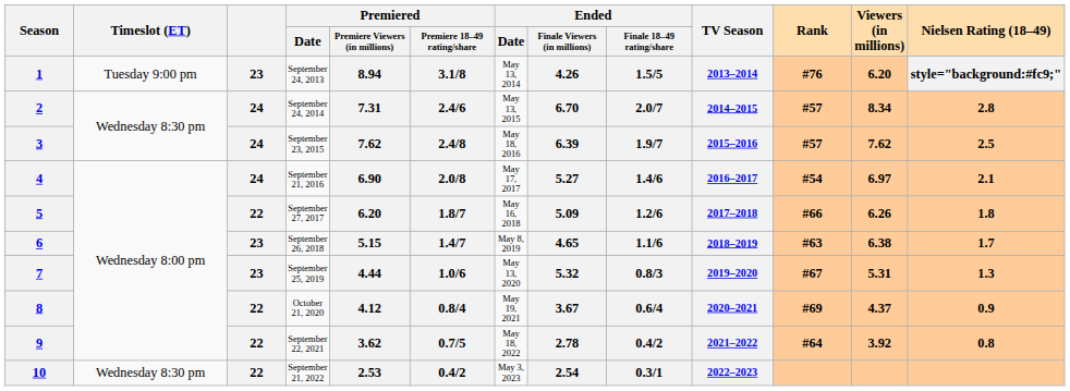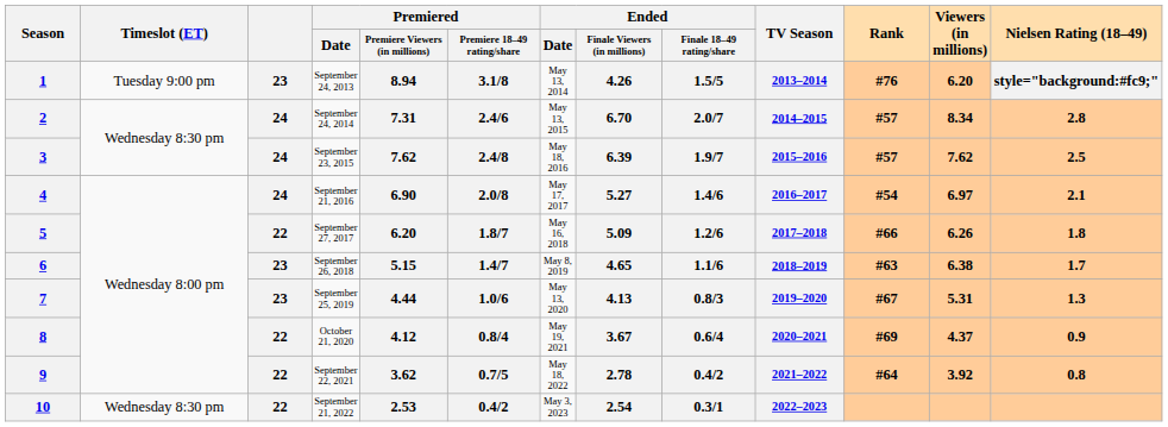 <table class="wikitable sortable" style="text-align:center; width:100%;">
 <tr>
 <th style="width:8%;" rowspan="2">Season</th>
 <th style="width:20%;" rowspan="2">Timeslot (<a href='#'>ET</a>)</th>
 <th style="width:8%;" rowspan="2"></th>
 <th colspan=3>Premiered</th>
 <th colspan=3>Ended</th>
 <th style="width:10%;" rowspan="2">TV Season</th>
 <th style="width:10%; background:#ffdead;" rowspan="2">Rank</th>
 <th style="width:10%; background:#ffdead;" rowspan="2">Viewers<br>(in millions)</th>
 <th style="width:10%; background:#ffdead;" rowspan="2">Nielsen Rating (18–49)</th>
 </tr>
 <tr>
 <th>Date</th>
 <th span style="width:10%; font-size:smaller; line-height:100%;"><small>Premiere Viewers<br>(in millions)</small></th>
 <th span style="width:10%; font-size:smaller; line-height:100%;"><small>Premiere 18–49<br>rating/share</small></th>
 <th>Date</th>
 <th span style="width:10%; font-size:smaller; line-height:100%;"><small>Finale Viewers<br>(in millions)</small></th>
 <th span style="width:10%; font-size:smaller; line-height:100%;"><small>Finale 18–49<br>rating/share</small></th>
 </tr>
 <tr>
 <th><a href='#'>1</a></th>
 <td>Tuesday 9:00 pm</td>
 <th>23</th>
 <td style="font-size:11px;line-height:110%">September 24, 2013</td>
 <th>8.94</th>
 <th>3.1/8</th>
 <td style="font-size:11px;line-height:110%">May 13, 2014</td>
 <th>4.26</th>
 <th>1.5/5</th>
 <th style="font-size:smaller"><a href='#'>2013–2014</a></th>
 <th style="background:#fc9;">#76</th>
 <th style="background:#fc9;">6.20</th>
 <th>style="background:#fc9;"</th>
 </tr>
 <tr>
 <th><a href='#'>2</a></th>
 <td rowspan="2">Wednesday 8:30 pm</td>
 <th>24</th>
 <td style="font-size:11px;line-height:110%">September 24, 2014</td>
 <th>7.31</th>
 <th>2.4/6</th>
 <td style="font-size:11px;line-height:110%">May 13, 2015</td>
 <th>6.70</th>
 <th>2.0/7</th>
 <th style="font-size:smaller"><a href='#'>2014–2015</a></th>
 <th style="background:#fc9;">#57</th>
 <th style="background:#fc9;">8.34</th>
 <th style="background:#fc9;">2.8</th>
 </tr>
 <tr>
 <th><a href='#'>3</a></th>
 <th>24</th>
 <td style="font-size:11px;line-height:110%">September 23, 2015</td>
 <th>7.62</th>
 <th>2.4/8</th>
 <td style="font-size:11px;line-height:110%">May 18, 2016</td>
 <th>6.39</th>
 <th>1.9/7</th>
 <th style="font-size:smaller"><a href='#'>2015–2016</a></th>
 <th style="background:#fc9;">#57</th>
 <th style="background:#fc9;">7.62</th>
 <th style="background:#fc9;">2.5</th>
 </tr>
 <tr>
 <th><a href='#'>4</a></th>
 <td rowspan="6">Wednesday 8:00 pm</td>
 <th>24</th>
 <td style="font-size:11px;line-height:110%">September 21, 2016</td>
 <th>6.90</th>
 <th>2.0/8</th>
 <td style="font-size:11px;line-height:110%">May 17, 2017</td>
 <th>5.27</th>
 <th>1.4/6</th>
 <th style="font-size:smaller"><a href='#'>2016–2017</a></th>
 <th style="background:#fc9;">#54</th>
 <th style="background:#fc9;">6.97</th>
 <th style="background:#fc9;">2.1</th>
 </tr>
 <tr>
 <th><a href='#'>5</a></th>
 <th>22</th>
 <td style="font-size:11px;line-height:110%">September 27, 2017</td>
 <th>6.20</th>
 <th>1.8/7</th>
 <td style="font-size:11px;line-height:110%">May 16, 2018</td>
 <th>5.09</th>
 <th>1.2/6</th>
 <th style="font-size:smaller"><a href='#'>2017–2018</a></th>
 <th style="background:#fc9;">#66</th>
 <th style="background:#fc9;">6.26</th>
 <th style="background:#fc9;">1.8</th>
 </tr>
 <tr>
 <th><a href='#'>6</a></th>
 <th>23</th>
 <td style="font-size:11px;line-height:110%">September 26, 2018</td>
 <th>5.15</th>
 <th>1.4/7</th>
 <td style="font-size:11px;line-height:110%">May 8, 2019</td>
 <th>4.65</th>
 <th>1.1/6</th>
 <th style="font-size:smaller"><a href='#'>2018–2019</a></th>
 <th style="background:#fc9;">#63</th>
 <th style="background:#fc9;">6.38</th>
 <th style="background:#fc9;">1.7</th>
 </tr>
 <tr>
 <th><a href='#'>7</a></th>
 <th>23</th>
 <td style="font-size:11px;line-height:110%">September 25, 2019</td>
 <th>4.44</th>
 <th>1.0/6</th>
 <td style="font-size:11px;line-height:110%">May 13, 2020</td>
-<th>5.32</th>
+<th>4.13</th>
 <th>0.8/3</th>
 <th style="font-size:smaller"><a href='#'>2019–2020</a></th>
 <th style="background:#fc9;">#67</th>
 <th style="background:#fc9;">5.31</th>
 <th style="background:#fc9;">1.3</th>
 </tr>
 <tr>
 <th><a href='#'>8</a></th>
 <th>22</th>
 <td style="font-size:11px;line-height:110%">October 21, 2020</td>
 <th>4.12</th>
 <th>0.8/4</th>
 <td style="font-size:11px;line-height:110%">May 19, 2021</td>
 <th>3.67</th>
 <th>0.6/4</th>
 <th style="font-size:smaller"><a href='#'>2020–2021</a></th>
 <th style="background:#fc9;">#69</th>
 <th style="background:#fc9;">4.37</th>
 <th style="background:#fc9;">0.9</th>
 </tr>
 <tr>
 <th><a href='#'>9</a></th>
 <th>22</th>
 <td style="font-size:11px;line-height:110%">September 22, 2021</td>
 <th>3.62</th>
 <th>0.7/5</th>
 <td style="font-size:11px;line-height:110%">May 18, 2022</td>
 <th>2.78</th>
 <th>0.4/2</th>
 <th style="font-size:smaller"><a href='#'>2021–2022</a></th>
 <th style="background:#fc9;">#64</th>
 <th style="background:#fc9;">3.92</th>
 <th style="background:#fc9;">0.8</th>
 </tr>
 <tr>
 <th><a href='#'>10</a></th>
 <td rowspan="1">Wednesday 8:30 pm</td>
 <th>22</th>
 <td style="font-size:11px;line-height:110%">September 21, 2022</td>
 <th>2.53</th>
 <th>0.4/2</th>
 <td style="font-size:11px;line-height:110%">May 3, 2023</td>
 <th>2.54</th>
 <th>0.3/1</th>
 <th style="font-size:smaller"><a href='#'>2022–2023</a></th>
 <th style="background:#fc9;"></th>
 <th style="background:#fc9;"></th>
 <th style="background:#fc9;"></th>
 </tr>
 </table>
